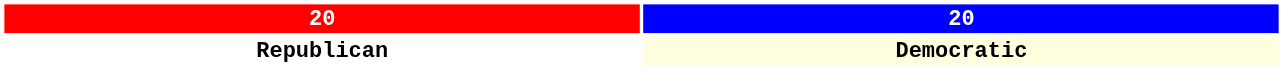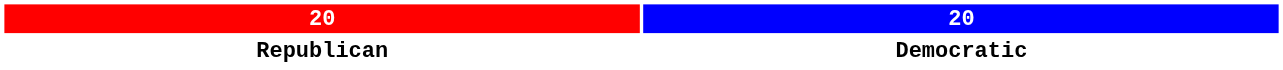 <table style="width:60%; text-align:center;">
 <tr style="color:white;">
 <td style="background:red; width:50.0%;"><strong>20</strong></td>
 <td style="background:blue; width:50.0%;"><strong>20</strong></td>
 </tr>
 <tr>
 <td><span><strong>Republican</strong></span></td>
-<td style="background: lightyellow;"><span><strong>Democratic</strong></span></td>
+<td><span><strong>Democratic</strong></span></td>
 </tr>
 </table>
